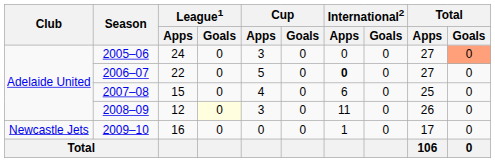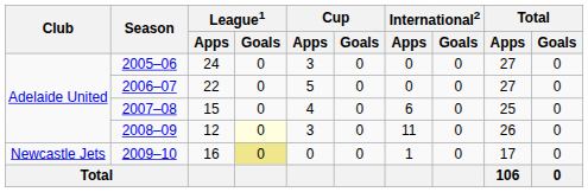 <table class="wikitable" style="text-align: center;">
 <tr>
 <th rowspan="2">Club</th>
 <th rowspan="2" width="80">Season</th>
 <th colspan="2" width="105">League<sup>1</sup></th>
 <th colspan="2" width="105">Cup</th>
 <th colspan="2" width="105">International<sup>2</sup></th>
 <th colspan="2" width="105">Total</th>
 </tr>
 <tr>
 <th>Apps</th>
 <th>Goals</th>
 <th>Apps</th>
 <th>Goals</th>
 <th>Apps</th>
 <th>Goals</th>
 <th>Apps</th>
 <th>Goals</th>
 </tr>
 <tr>
 <td rowspan="4" valign="center"><a href='#'>Adelaide United</a></td>
 <td><a href='#'>2005–06</a></td>
 <td>24</td>
 <td>0</td>
 <td>3</td>
 <td>0</td>
 <td>0</td>
 <td>0</td>
 <td>27</td>
-<td style="background: lightsalmon;">0</td>
+<td>0</td>
 </tr>
 <tr>
 <td><a href='#'>2006–07</a></td>
 <td>22</td>
 <td>0</td>
 <td>5</td>
 <td>0</td>
-<td><strong>0</strong></td>
+<td>0</td>
 <td>0</td>
 <td>27</td>
 <td>0</td>
 </tr>
 <tr>
 <td><a href='#'>2007–08</a></td>
 <td>15</td>
 <td>0</td>
 <td>4</td>
 <td>0</td>
 <td>6</td>
 <td>0</td>
 <td>25</td>
 <td>0</td>
 </tr>
 <tr>
 <td><a href='#'>2008–09</a></td>
 <td>12</td>
 <td style="background: lightyellow;">0</td>
 <td>3</td>
 <td>0</td>
 <td>11</td>
 <td>0</td>
 <td>26</td>
 <td>0</td>
 </tr>
 <tr>
 <td rowspan="1" valign="center"><a href='#'>Newcastle Jets</a></td>
 <td><a href='#'>2009–10</a></td>
 <td>16</td>
-<td>0</td>
+<td style="background: khaki;">0</td>
 <td>0</td>
 <td>0</td>
 <td>1</td>
 <td>0</td>
 <td>17</td>
 <td>0</td>
 </tr>
 <tr>
 <th colspan="2">Total</th>
 <th></th>
 <th></th>
 <th></th>
 <th></th>
 <th></th>
 <th></th>
 <th>106</th>
 <th>0</th>
 </tr>
 </table>
